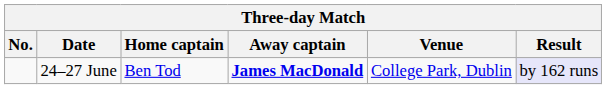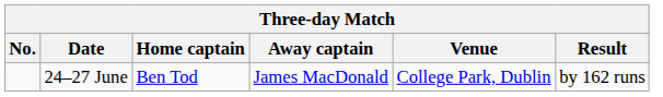 <table class="wikitable">
 <tr>
 <th colspan="9">Three-day Match</th>
 </tr>
 <tr>
 <th>No.</th>
 <th>Date</th>
 <th>Home captain</th>
 <th>Away captain</th>
 <th>Venue</th>
 <th>Result</th>
 </tr>
 <tr>
 <td></td>
 <td>24–27 June</td>
 <td><a href='#'>Ben Tod</a></td>
-<td><strong><a href='#'>James MacDonald</a></strong></td>
+<td><a href='#'>James MacDonald</a></td>
 <td><a href='#'>College Park, Dublin</a></td>
-<td style="background: lavender;"> by 162 runs</td>
+<td> by 162 runs</td>
 </tr>
 </table>
